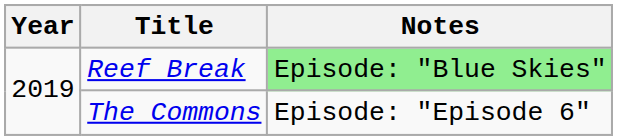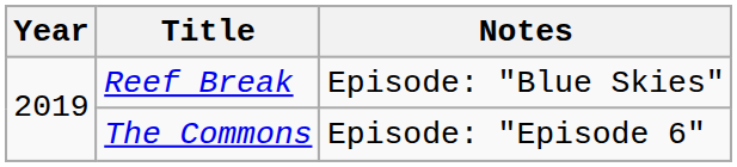 <table class="wikitable">
 <tr>
 <th>Year</th>
 <th>Title</th>
 <th>Notes</th>
 </tr>
 <tr>
 <td rowspan=2>2019</td>
 <td><em><a href='#'>Reef Break</a></em></td>
-<td style="background: lightgreen;">Episode: "Blue Skies"</td>
+<td>Episode: "Blue Skies"</td>
 </tr>
 <tr>
 <td><em><a href='#'>The Commons</a></em></td>
 <td>Episode: "Episode 6"</td>
 </tr>
 </table>
